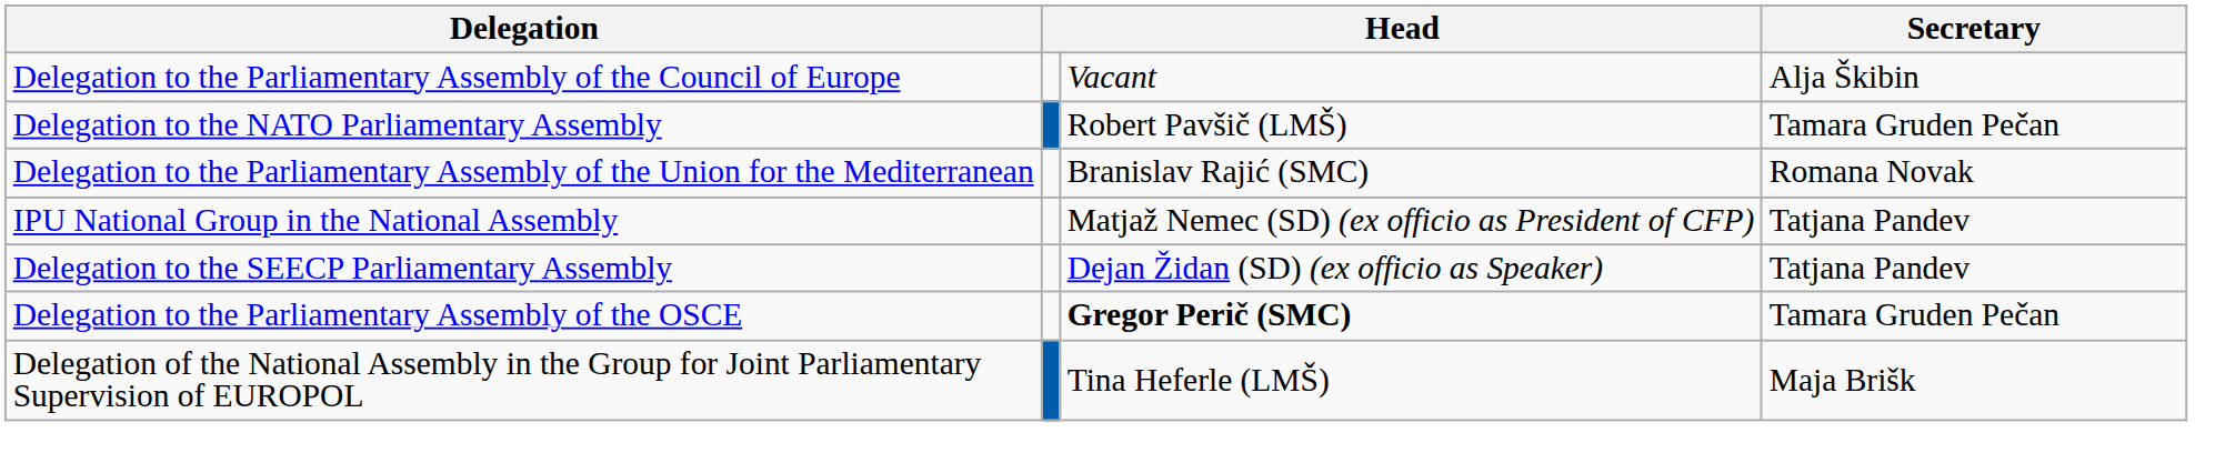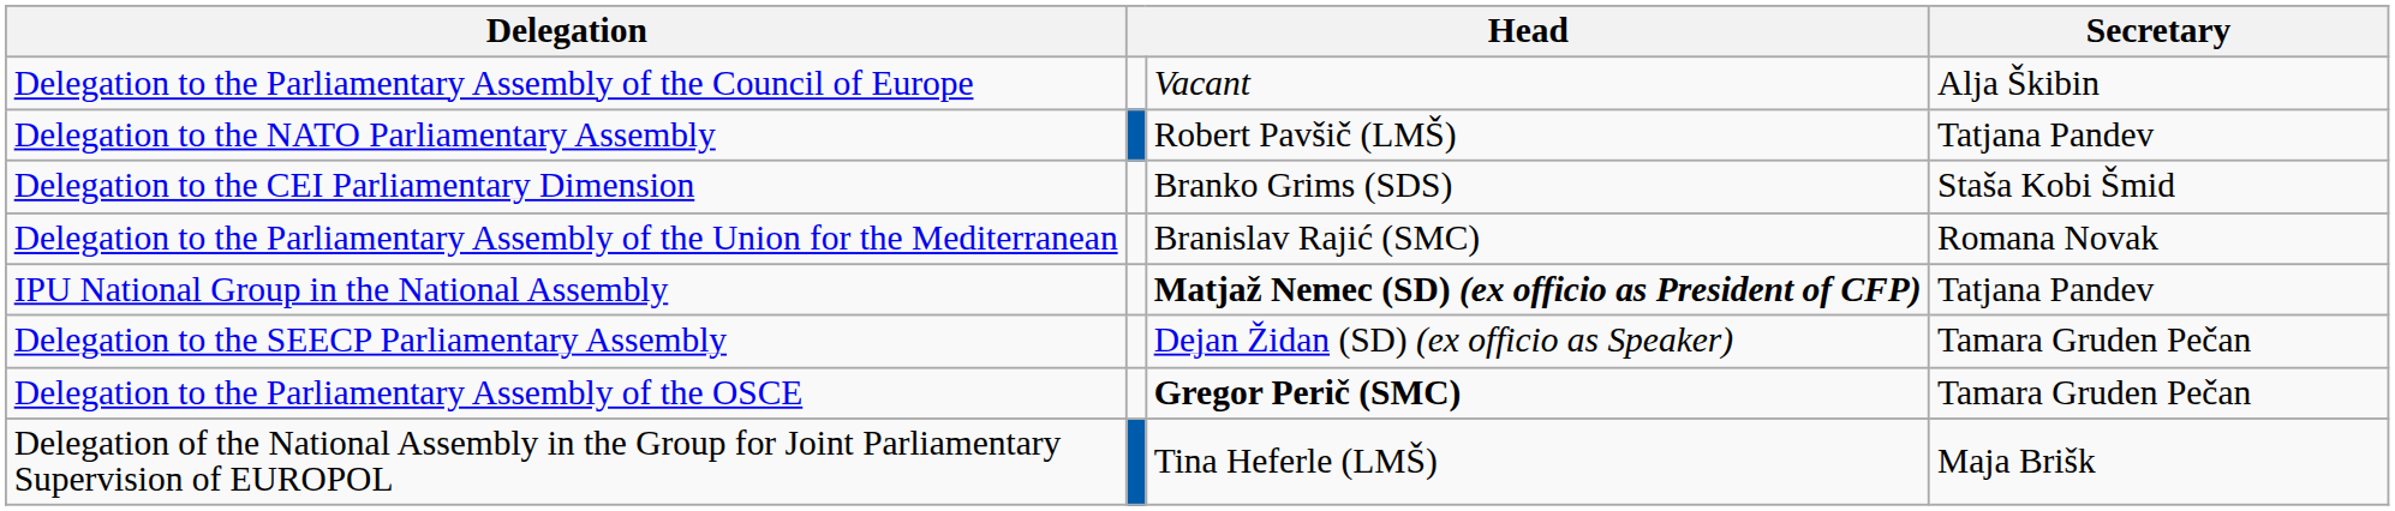 <table class="wikitable" style="line-height:16px;">
 <tr>
 <th style="width:500px;">Delegation</th>
 <th colspan="2" style="width:200px;">Head</th>
 <th style="width:200px;">Secretary</th>
 </tr>
 <tr>
 <td><a href='#'>Delegation to the Parliamentary Assembly of the Council of Europe</a></td>
 <td style="width:1px; background:"></td>
 <td><em>Vacant</em></td>
 <td>Alja Škibin</td>
 </tr>
 <tr>
 <td><a href='#'>Delegation to the NATO Parliamentary Assembly</a></td>
 <td style="background:#005bab"></td>
 <td>Robert Pavšič (LMŠ)</td>
-<td>Tamara Gruden Pečan</td>
+<td>Tatjana Pandev</td>
+</tr>
+<tr>
+<td><a href='#'>Delegation to the CEI Parliamentary Dimension</a></td>
+<td style="background:"></td>
+<td>Branko Grims (SDS)</td>
+<td>Staša Kobi Šmid</td>
 </tr>
 <tr>
 <td><a href='#'>Delegation to the Parliamentary Assembly of the Union for the Mediterranean</a></td>
 <td style="background:"></td>
 <td>Branislav Rajić (SMC)</td>
 <td>Romana Novak</td>
 </tr>
 <tr>
 <td><a href='#'>IPU National Group in the National Assembly</a></td>
 <td style="background:"></td>
-<td>Matjaž Nemec (SD) <em>(ex officio as President of CFP)</em></td>
+<td><strong>Matjaž Nemec (SD) <em>(ex officio as President of CFP)</em></strong></td>
 <td>Tatjana Pandev</td>
 </tr>
 <tr>
 <td><a href='#'>Delegation to the SEECP Parliamentary Assembly</a></td>
 <td style="background:"></td>
 <td><a href='#'>Dejan Židan</a> (SD) <em>(ex officio as Speaker)</em></td>
-<td>Tatjana Pandev</td>
+<td>Tamara Gruden Pečan</td>
 </tr>
 <tr>
 <td><a href='#'>Delegation to the Parliamentary Assembly of the OSCE</a></td>
 <td style="background:"></td>
 <td><strong>Gregor Perič (SMC)</strong></td>
 <td>Tamara Gruden Pečan</td>
 </tr>
 <tr>
 <td>Delegation of the National Assembly in the Group for Joint Parliamentary Supervision of EUROPOL</td>
 <td style="background:#005bab"></td>
 <td>Tina Heferle (LMŠ)</td>
 <td>Maja Brišk</td>
 </tr>
 </table>
